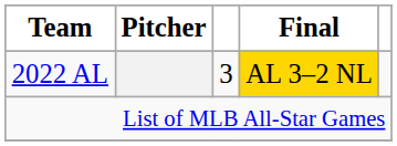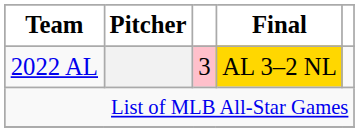 <table class="wikitable sortable plainrowheaders" style="font-size: 90%; text-align:center">
 <tr>
 <th scope="col" style="background-color:#ffffff; border-top:#">Team</th>
 <th scope="col" style="background-color:#ffffff; border-top:#">Pitcher</th>
 <th scope="col" style="background-color:#ffffff; border-top:#"></th>
 <th scope="col" style="background-color:#ffffff; border-top:#">Final</th>
 <th scope="col" class="unsortable" style="background-color:#ffffff; border-top:#"></th>
 </tr>
 <tr>
 <td><a href='#'>2022 AL</a></td>
 <th scope="row" style="text-align:center"></th>
-<td>3</td>
+<td style="background: pink;">3</td>
 <td style="background: gold;">AL 3–2 NL</td>
 <td></td>
 </tr>
 <tr class="sortbottom">
 <td style="text-align:right"; colspan="6"><small><a href='#'>List of MLB All-Star Games</a></small></td>
 </tr>
 <tr>
 </tr>
 </table>
